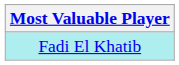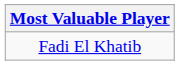 <table class=wikitable style="text-align:center; margin:auto">
 <tr>
 <th><a href='#'>Most Valuable Player</a></th>
 </tr>
 <tr>
-<td style="background: paleturquoise;"> <a href='#'>Fadi El Khatib</a></td>
+<td> <a href='#'>Fadi El Khatib</a></td>
 </tr>
 </table>
